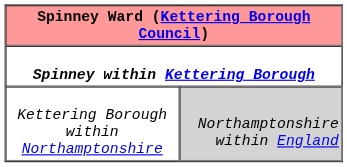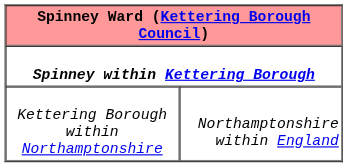 <table border=1 cellpadding="2" cellspacing="0" align="right" width=300>
 <tr>
 <th colspan=2 align=center bgcolor="#ff9999">Spinney Ward (<a href='#'>Kettering Borough Council</a>)</th>
 </tr>
 <tr>
 <th colspan=2 alignn=center><br><em>Spinney within <a href='#'>Kettering Borough</a></em></th>
 </tr>
 <tr>
 <td align=center><br><em>Kettering Borough within <a href='#'>Northamptonshire</a></em></td>
-<td align=right style="background: lightgrey;"><br><em>Northamptonshire within <a href='#'>England</a></em></td>
+<td align=right><br><em>Northamptonshire within <a href='#'>England</a></em></td>
 </tr>
 </table>
